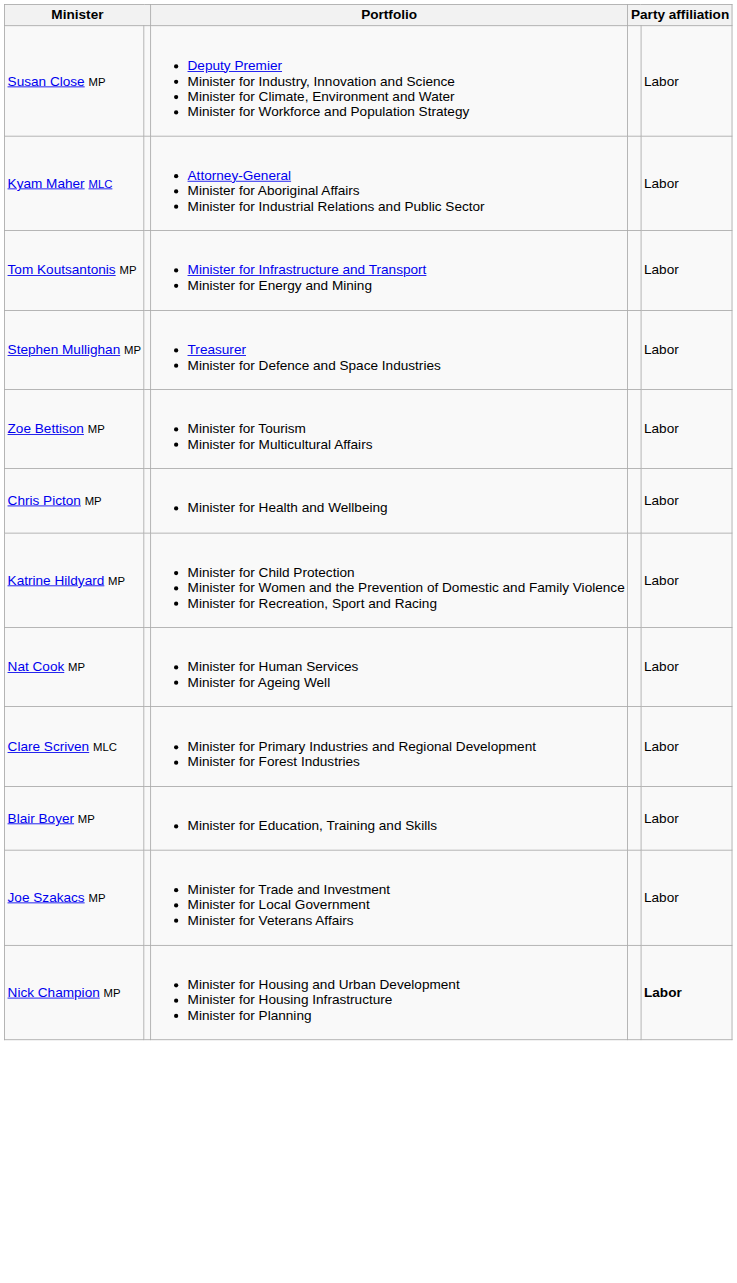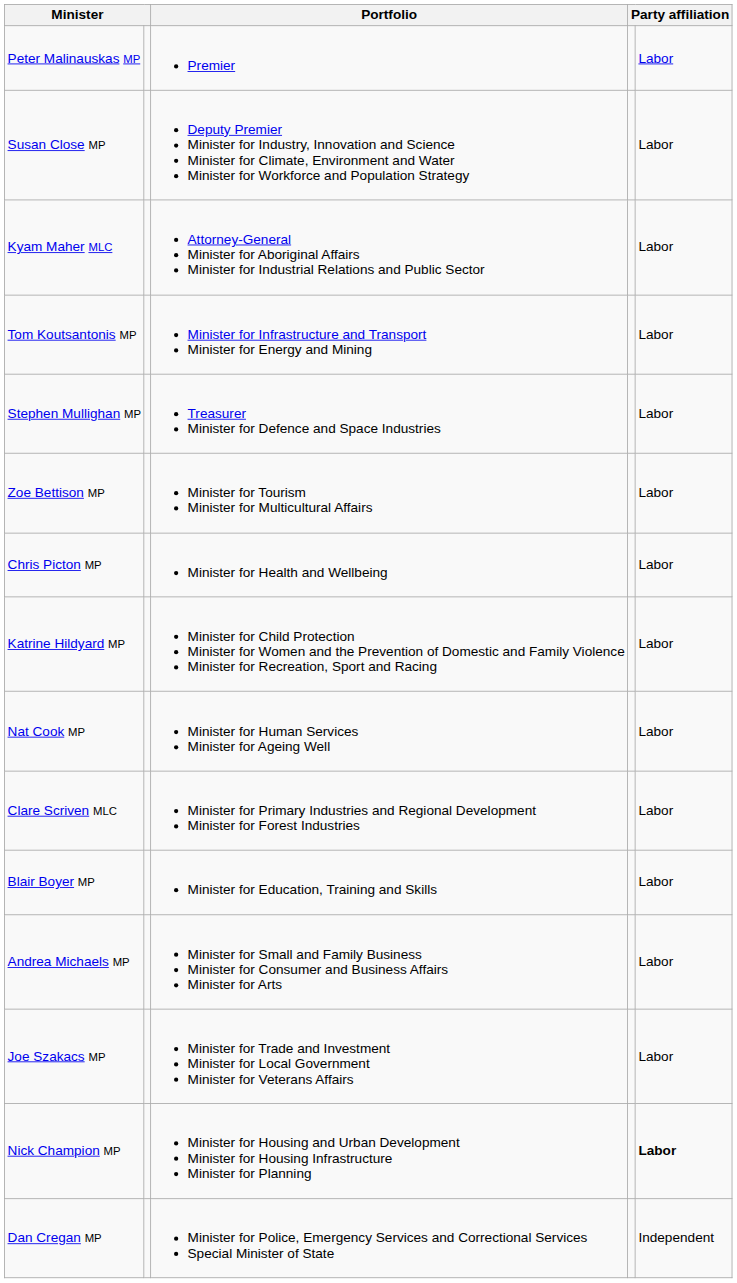 <table class="wikitable">
 <tr>
 <th colspan=2>Minister</th>
 <th>Portfolio</th>
 <th colspan=2>Party affiliation</th>
+</tr>
+<tr>
+<td><a href='#'>Peter Malinauskas</a> <small><a href='#'>MP</a></small></td>
+<td></td>
+<td><br><ul><li><a href='#'>Premier</a></li></ul></td>
+<td style="background:"></td>
+<td><a href='#'>Labor</a></td>
 </tr>
 <tr>
 <td><a href='#'>Susan Close</a> <small>MP</small></td>
 <td></td>
 <td><br><ul><li><a href='#'>Deputy Premier</a></li><li>Minister for Industry, Innovation and Science</li><li>Minister for Climate, Environment and Water</li><li>Minister for Workforce and Population Strategy</li></ul></td>
 <td style="background:"></td>
 <td>Labor</td>
 </tr>
 <tr>
 <td><a href='#'>Kyam Maher</a> <small><a href='#'>MLC</a></small></td>
 <td></td>
 <td><br><ul><li><a href='#'>Attorney-General</a></li><li>Minister for Aboriginal Affairs</li><li>Minister for Industrial Relations and Public Sector</li></ul></td>
 <td style="background:"></td>
 <td>Labor</td>
 </tr>
 <tr>
 <td><a href='#'>Tom Koutsantonis</a> <small>MP</small></td>
 <td></td>
 <td><br><ul><li><a href='#'>Minister for Infrastructure and Transport</a></li><li>Minister for Energy and Mining</li></ul></td>
 <td style="background:"></td>
 <td>Labor</td>
 </tr>
 <tr>
 <td><a href='#'>Stephen Mullighan</a> <small>MP</small></td>
 <td></td>
 <td><br><ul><li><a href='#'>Treasurer</a></li><li>Minister for Defence and Space Industries</li></ul></td>
 <td style="background:"></td>
 <td>Labor</td>
 </tr>
 <tr>
 <td><a href='#'>Zoe Bettison</a> <small>MP</small></td>
 <td></td>
 <td><br><ul><li>Minister for Tourism</li><li>Minister for Multicultural Affairs</li></ul></td>
 <td style="background:"></td>
 <td>Labor</td>
 </tr>
 <tr>
 <td><a href='#'>Chris Picton</a> <small>MP</small></td>
 <td></td>
 <td><br><ul><li>Minister for Health and Wellbeing</li></ul></td>
 <td style="background:"></td>
 <td>Labor</td>
 </tr>
 <tr>
 <td><a href='#'>Katrine Hildyard</a> <small>MP</small></td>
 <td></td>
 <td><br><ul><li>Minister for Child Protection</li><li>Minister for Women and the Prevention of Domestic and Family Violence</li><li>Minister for Recreation, Sport and Racing</li></ul></td>
 <td style="background:"></td>
 <td>Labor</td>
 </tr>
 <tr>
 <td><a href='#'>Nat Cook</a> <small>MP</small></td>
 <td></td>
 <td><br><ul><li>Minister for Human Services</li><li>Minister for Ageing Well</li></ul></td>
 <td style="background:"></td>
 <td>Labor</td>
 </tr>
 <tr>
 <td><a href='#'>Clare Scriven</a> <small>MLC</small></td>
 <td></td>
 <td><br><ul><li>Minister for Primary Industries and Regional Development</li><li>Minister for Forest Industries</li></ul></td>
 <td style="background:"></td>
 <td>Labor</td>
 </tr>
 <tr>
 <td><a href='#'>Blair Boyer</a> <small>MP</small></td>
 <td></td>
 <td><br><ul><li>Minister for Education, Training and Skills</li></ul></td>
 <td style="background:"></td>
 <td>Labor</td>
 </tr>
 <tr>
+<td><a href='#'>Andrea Michaels</a> <small>MP</small></td>
+<td></td>
+<td><br><ul><li>Minister for Small and Family Business</li><li>Minister for Consumer and Business Affairs</li><li>Minister for Arts</li></ul></td>
+<td style="background:"></td>
+<td>Labor</td>
+</tr>
+<tr>
 <td><a href='#'>Joe Szakacs</a> <small>MP</small></td>
 <td></td>
 <td><br><ul><li>Minister for Trade and Investment</li><li>Minister for Local Government</li><li>Minister for Veterans Affairs</li></ul></td>
 <td style="background:"></td>
 <td>Labor</td>
 </tr>
 <tr>
 <td><a href='#'>Nick Champion</a> <small>MP</small></td>
 <td></td>
 <td><br><ul><li>Minister for Housing and Urban Development</li><li>Minister for Housing Infrastructure</li><li>Minister for Planning</li></ul></td>
 <td style="background:"></td>
 <td><strong>Labor</strong></td>
 </tr>
+<tr>
+<td><a href='#'>Dan Cregan</a> <small>MP</small></td>
+<td></td>
+<td><br><ul><li>Minister for Police, Emergency Services and Correctional Services</li><li>Special Minister of State</li></ul></td>
+<td style="background:"></td>
+<td>Independent</td>
+</tr>
 </table>
